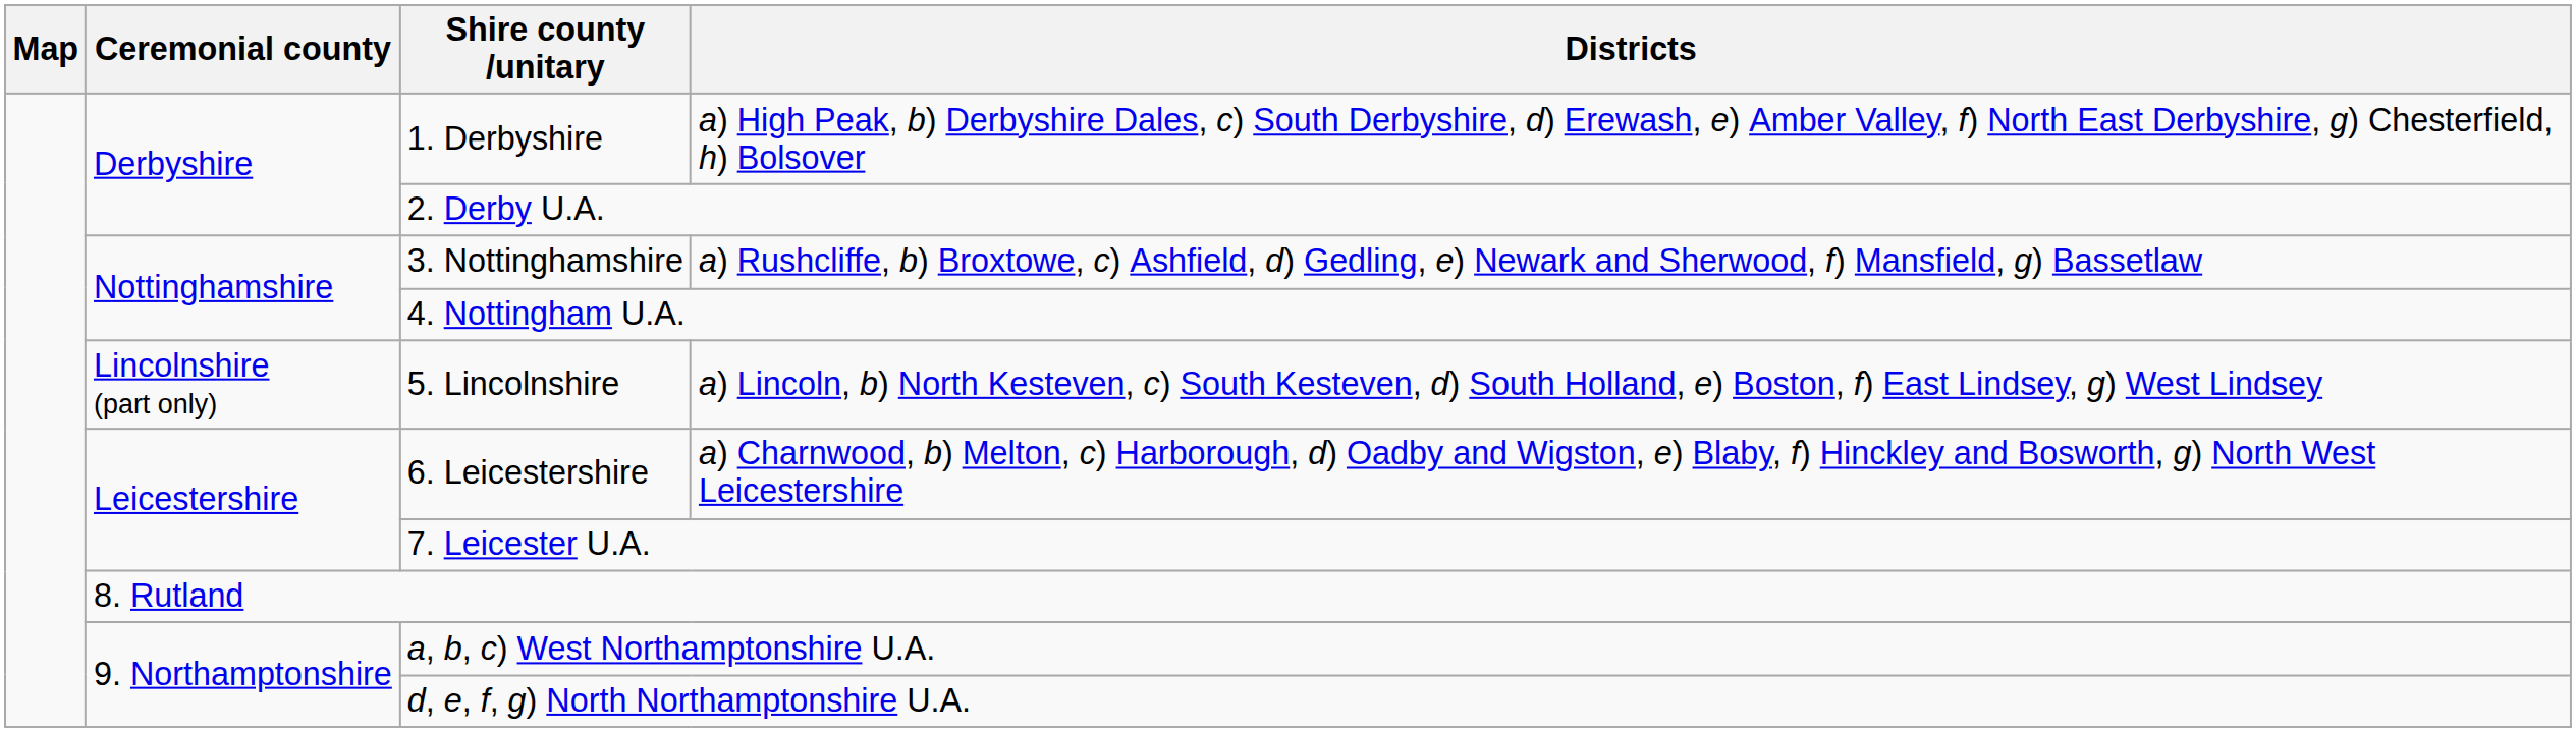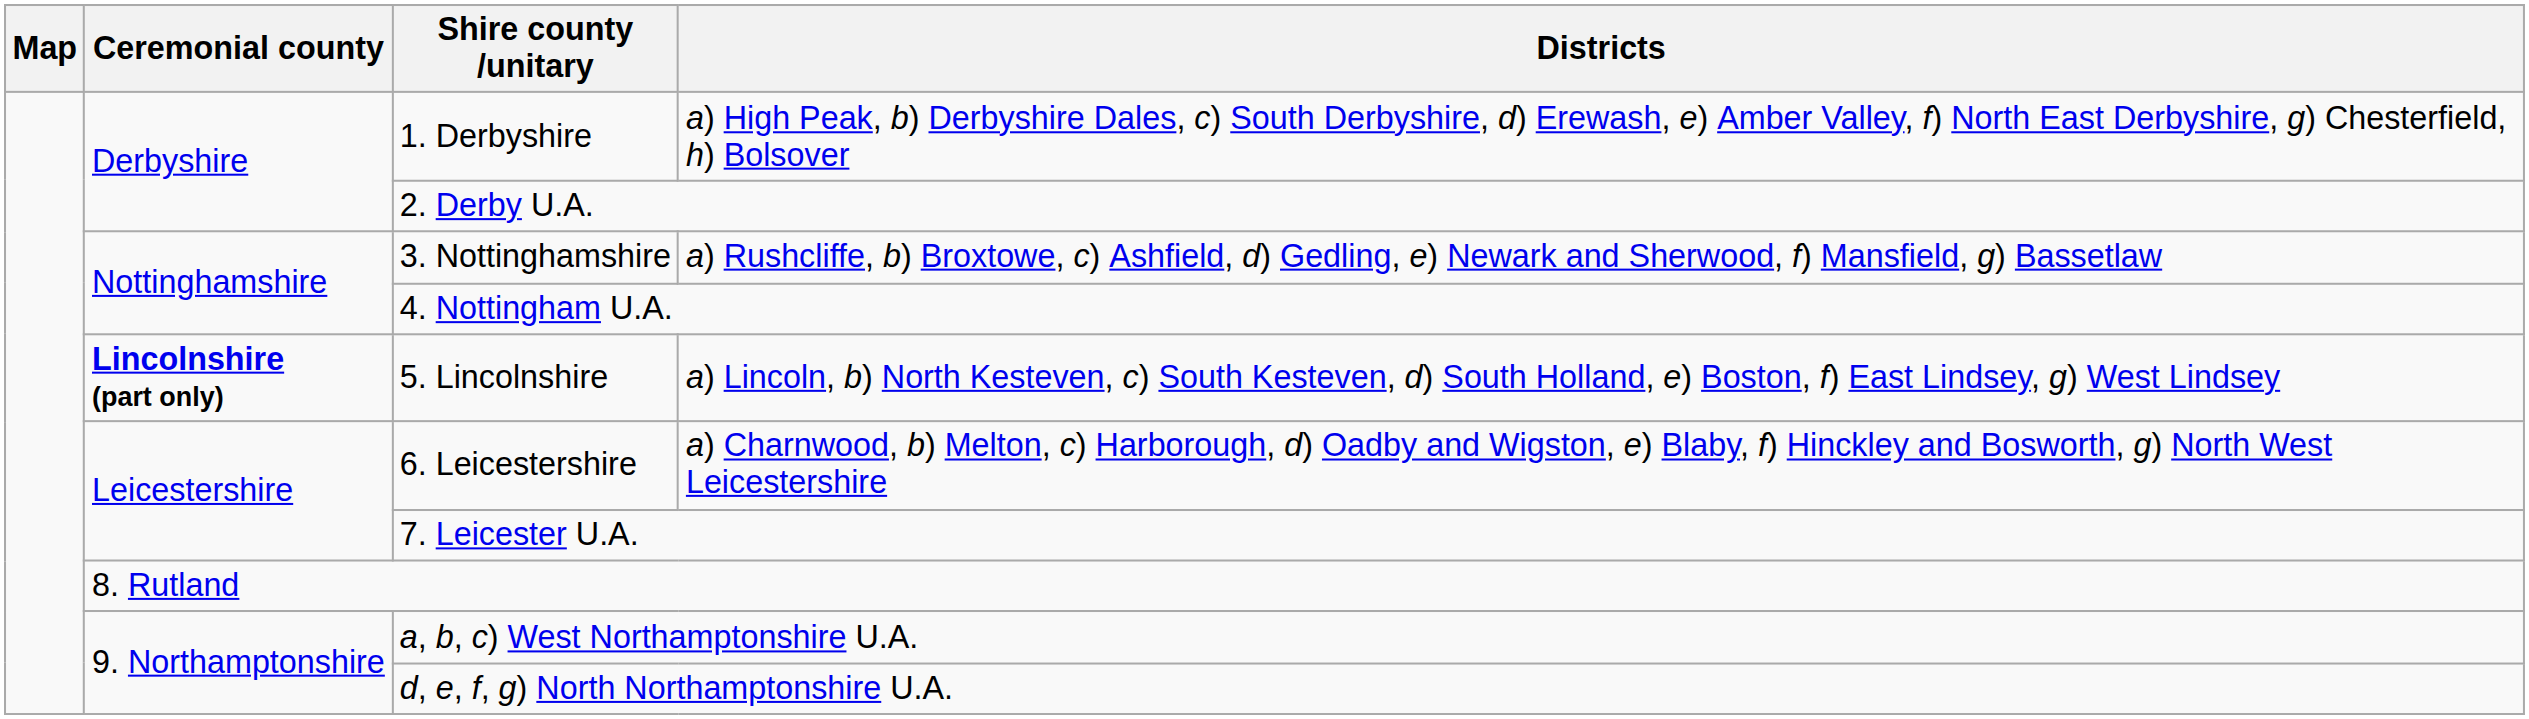 <table class="wikitable">
 <tr>
 <th>Map</th>
 <th>Ceremonial county</th>
 <th>Shire county<br>/unitary</th>
 <th>Districts</th>
 </tr>
 <tr>
 <td rowspan="10"></td>
 <td rowspan="2"><a href='#'>Derbyshire</a></td>
 <td>1. Derbyshire</td>
 <td><em>a</em>) <a href='#'>High Peak</a>, <em>b</em>) <a href='#'>Derbyshire Dales</a>, <em>c</em>) <a href='#'>South Derbyshire</a>, <em>d</em>) <a href='#'>Erewash</a>, <em>e</em>) <a href='#'>Amber Valley</a>, <em>f</em>) <a href='#'>North East Derbyshire</a>, <em>g</em>) Chesterfield, <em>h</em>) <a href='#'>Bolsover</a></td>
 </tr>
 <tr>
 <td colspan="2">2. <a href='#'>Derby</a> U.A.</td>
 </tr>
 <tr>
 <td rowspan="2"><a href='#'>Nottinghamshire</a></td>
 <td>3. Nottinghamshire</td>
 <td><em>a</em>) <a href='#'>Rushcliffe</a>, <em>b</em>) <a href='#'>Broxtowe</a>, <em>c</em>) <a href='#'>Ashfield</a>, <em>d</em>) <a href='#'>Gedling</a>, <em>e</em>) <a href='#'>Newark and Sherwood</a>, <em>f</em>) <a href='#'>Mansfield</a>, <em>g</em>) <a href='#'>Bassetlaw</a></td>
 </tr>
 <tr>
 <td colspan="2">4. <a href='#'>Nottingham</a> U.A.</td>
 </tr>
 <tr>
-<td><a href='#'>Lincolnshire</a><br><small>(part only)</small></td>
+<td><strong><a href='#'>Lincolnshire</a><br><small>(part only)</small></strong></td>
 <td>5. Lincolnshire</td>
 <td><em>a</em>) <a href='#'>Lincoln</a>, <em>b</em>) <a href='#'>North Kesteven</a>, <em>c</em>) <a href='#'>South Kesteven</a>, <em>d</em>) <a href='#'>South Holland</a>, <em>e</em>) <a href='#'>Boston</a>, <em>f</em>) <a href='#'>East Lindsey</a>, <em>g</em>) <a href='#'>West Lindsey</a></td>
 </tr>
 <tr>
 <td rowspan="2"><a href='#'>Leicestershire</a></td>
 <td>6. Leicestershire</td>
 <td><em>a</em>) <a href='#'>Charnwood</a>, <em>b</em>) <a href='#'>Melton</a>, <em>c</em>) <a href='#'>Harborough</a>, <em>d</em>) <a href='#'>Oadby and Wigston</a>, <em>e</em>) <a href='#'>Blaby</a>, <em>f</em>) <a href='#'>Hinckley and Bosworth</a>, <em>g</em>) <a href='#'>North West Leicestershire</a></td>
 </tr>
 <tr>
 <td colspan="2">7. <a href='#'>Leicester</a> U.A.</td>
 </tr>
 <tr>
 <td colspan="3">8. <a href='#'>Rutland</a></td>
 </tr>
 <tr>
 <td rowspan="2">9. <a href='#'>Northamptonshire</a></td>
 <td colspan="2"><em>a</em>, <em>b</em>, <em>c</em>) <a href='#'>West Northamptonshire</a> U.A.</td>
 </tr>
 <tr>
 <td colspan="2"><em>d</em>, <em>e</em>, <em>f</em>, <em>g</em>) <a href='#'>North Northamptonshire</a> U.A.</td>
 </tr>
 </table>
